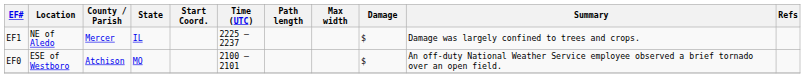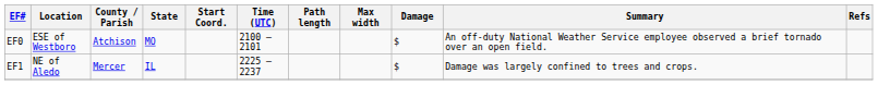 <table class="wikitable sortable" style="width:100%;">
 <tr>
 <th scope="col" width="3%" align="center"><a href='#'>EF#</a></th>
 <th scope="col" width="7%" align="center" class="unsortable">Location</th>
 <th scope="col" width="6%" align="center" class="unsortable">County / Parish</th>
 <th scope="col" width="5%" align="center">State</th>
 <th scope="col" width="6%" align="center">Start Coord.</th>
 <th scope="col" width="6%" align="center">Time (<a href='#'>UTC</a>)</th>
 <th scope="col" width="6%" align="center">Path length</th>
 <th scope="col" width="6%" align="center">Max width</th>
 <th scope="col" width="6%" align="center">Damage</th>
 <th scope="col" width="48%" class="unsortable" align="center">Summary</th>
 <th scope="col" width="48%" class="unsortable" align="center">Refs</th>
 </tr>
 <tr>
+<td>EF0</td>
+<td>ESE of <a href='#'>Westboro</a></td>
+<td><a href='#'>Atchison</a></td>
+<td><a href='#'>MO</a></td>
+<td></td>
+<td>2100 – 2101</td>
+<td></td>
+<td></td>
+<td>$</td>
+<td>An off-duty National Weather Service employee observed a brief tornado over an open field.</td>
+<td></td>
+</tr>
+<tr>
 <td>EF1</td>
 <td>NE of <a href='#'>Aledo</a></td>
 <td><a href='#'>Mercer</a></td>
 <td><a href='#'>IL</a></td>
 <td></td>
 <td>2225 – 2237</td>
 <td></td>
 <td></td>
 <td>$</td>
 <td>Damage was largely confined to trees and crops.</td>
 <td></td>
 </tr>
 <tr>
-<td>EF0</td>
-<td>ESE of <a href='#'>Westboro</a></td>
-<td><a href='#'>Atchison</a></td>
-<td><a href='#'>MO</a></td>
-<td></td>
-<td>2100 – 2101</td>
-<td></td>
-<td></td>
-<td>$</td>
-<td>An off-duty National Weather Service employee observed a brief tornado over an open field.</td>
-<td></td>
-</tr>
-<tr>
 </tr>
 </table>
